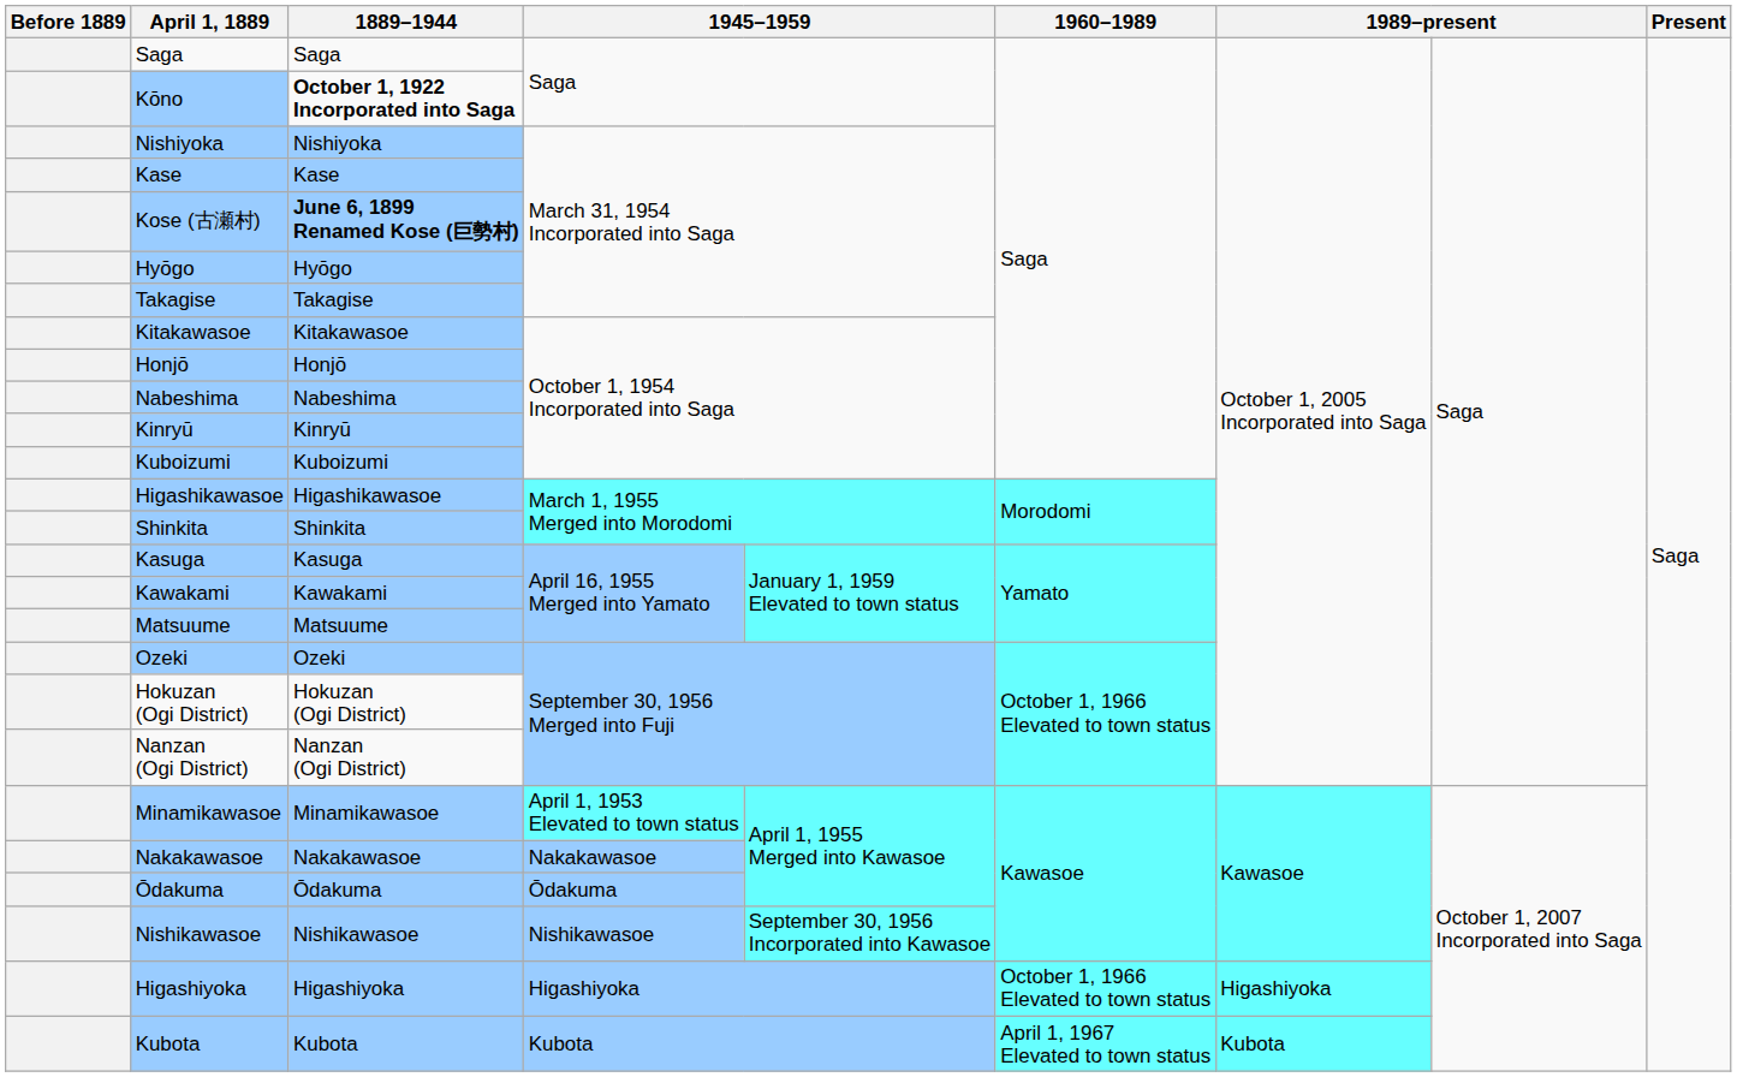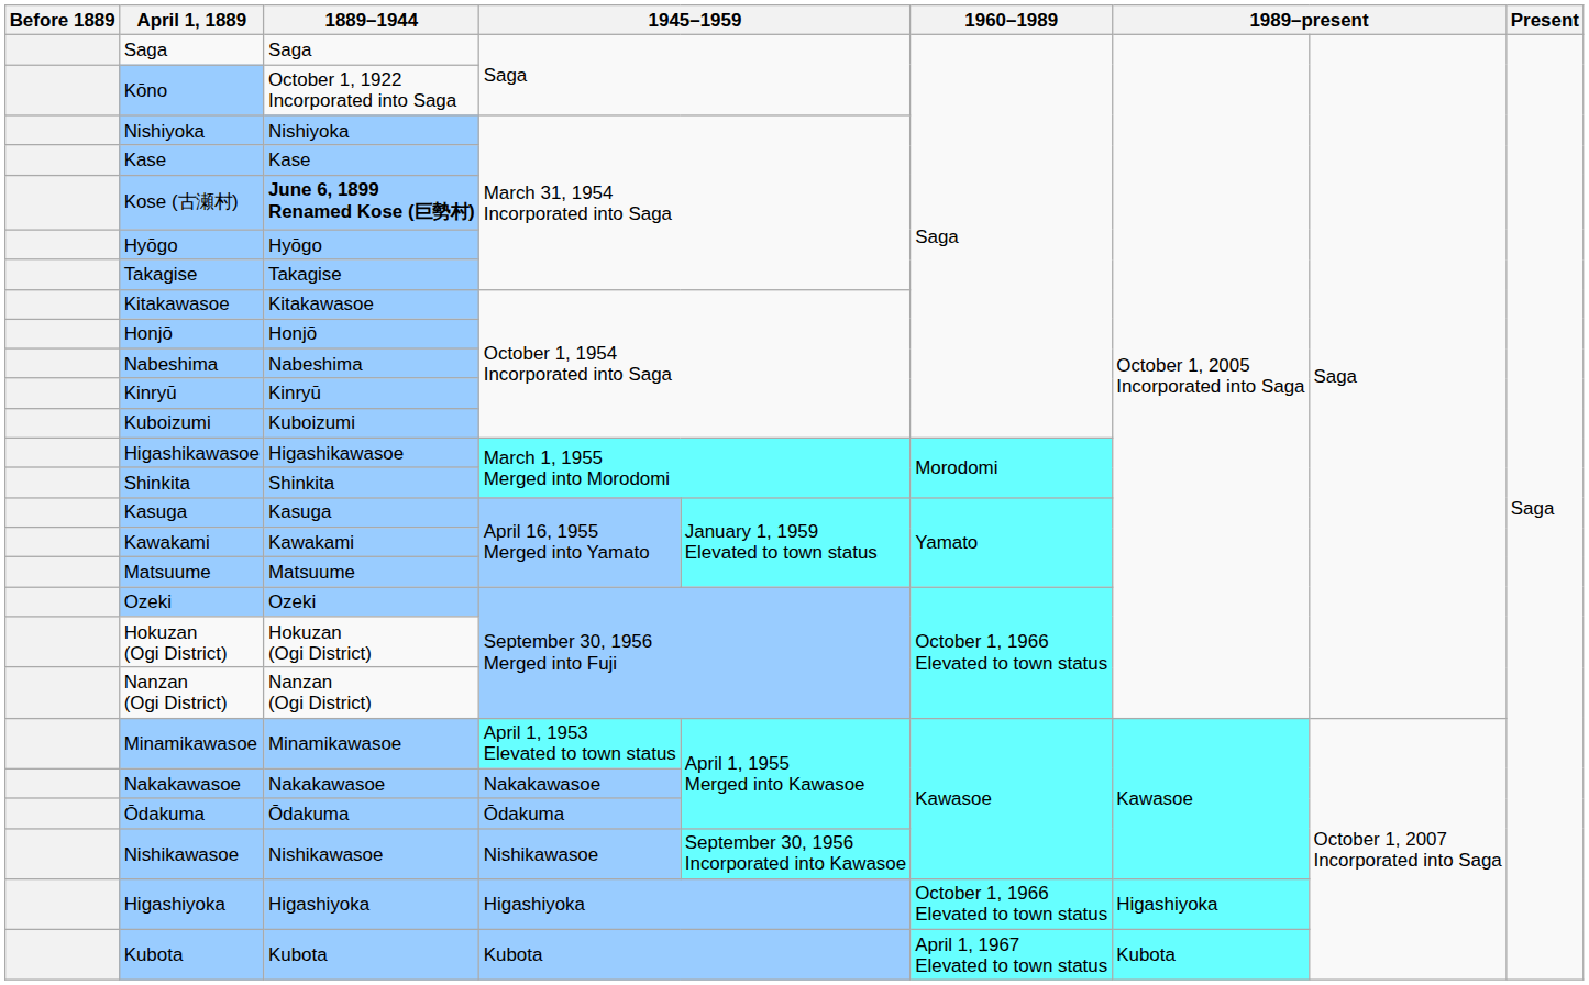 <table class="wikitable" style="font-size:smaller">
 <tr>
 <th>Before 1889</th>
 <th>April 1, 1889</th>
 <th>1889–1944</th>
 <th colspan=2>1945–1959</th>
 <th>1960–1989</th>
 <th colspan=2>1989–present</th>
 <th>Present</th>
 </tr>
 <tr>
 <th></th>
 <td>Saga</td>
 <td>Saga</td>
 <td rowspan=2 colspan=2>Saga</td>
 <td rowspan=12>Saga</td>
 <td rowspan=20>October 1, 2005<br>Incorporated into Saga</td>
 <td rowspan=20>Saga</td>
 <td rowspan=26>Saga</td>
 </tr>
 <tr>
 <th></th>
 <td bgcolor="#99CCFF">Kōno</td>
-<td><strong>October 1, 1922<br>Incorporated into Saga</strong></td>
+<td>October 1, 1922<br>Incorporated into Saga</td>
 </tr>
 <tr>
 <th></th>
 <td bgcolor="#99CCFF">Nishiyoka</td>
 <td bgcolor="#99CCFF">Nishiyoka</td>
 <td rowspan=5 colspan=2>March 31, 1954<br>Incorporated into Saga</td>
 </tr>
 <tr>
 <th></th>
 <td bgcolor="#99CCFF">Kase</td>
 <td bgcolor="#99CCFF">Kase</td>
 </tr>
 <tr>
 <th></th>
 <td bgcolor="#99CCFF">Kose (古瀬村)</td>
 <td bgcolor="#99CCFF"><strong>June 6, 1899<br>Renamed Kose (巨勢村)</strong></td>
 </tr>
 <tr>
 <th></th>
 <td bgcolor="#99CCFF">Hyōgo</td>
 <td bgcolor="#99CCFF">Hyōgo</td>
 </tr>
 <tr>
 <th></th>
 <td bgcolor="#99CCFF">Takagise</td>
 <td bgcolor="#99CCFF">Takagise</td>
 </tr>
 <tr>
 <th></th>
 <td bgcolor="#99CCFF">Kitakawasoe</td>
 <td bgcolor="#99CCFF">Kitakawasoe</td>
 <td rowspan=5 colspan=2>October 1, 1954<br>Incorporated into Saga</td>
 </tr>
 <tr>
 <th></th>
 <td bgcolor="#99CCFF">Honjō</td>
 <td bgcolor="#99CCFF">Honjō</td>
 </tr>
 <tr>
 <th></th>
 <td bgcolor="#99CCFF">Nabeshima</td>
 <td bgcolor="#99CCFF">Nabeshima</td>
 </tr>
 <tr>
 <th></th>
 <td bgcolor="#99CCFF">Kinryū</td>
 <td bgcolor="#99CCFF">Kinryū</td>
 </tr>
 <tr>
 <th></th>
 <td bgcolor="#99CCFF">Kuboizumi</td>
 <td bgcolor="#99CCFF">Kuboizumi</td>
 </tr>
 <tr>
 <th></th>
 <td bgcolor="#99CCFF">Higashikawasoe</td>
 <td bgcolor="#99CCFF">Higashikawasoe</td>
 <td rowspan=2 colspan=2 bgcolor="#66FFFF">March 1, 1955<br>Merged into Morodomi</td>
 <td rowspan=2 bgcolor="#66FFFF">Morodomi</td>
 </tr>
 <tr>
 <th></th>
 <td bgcolor="#99CCFF">Shinkita</td>
 <td bgcolor="#99CCFF">Shinkita</td>
 </tr>
 <tr>
 <th></th>
 <td bgcolor="#99CCFF">Kasuga</td>
 <td bgcolor="#99CCFF">Kasuga</td>
 <td rowspan=3 bgcolor="#99CCFF">April 16, 1955<br>Merged into Yamato</td>
 <td rowspan=3 bgcolor="#66FFFF">January 1, 1959<br>Elevated to town status</td>
 <td rowspan=3 bgcolor="#66FFFF">Yamato</td>
 </tr>
 <tr>
 <th></th>
 <td bgcolor="#99CCFF">Kawakami</td>
 <td bgcolor="#99CCFF">Kawakami</td>
 </tr>
 <tr>
 <th></th>
 <td bgcolor="#99CCFF">Matsuume</td>
 <td bgcolor="#99CCFF">Matsuume</td>
 </tr>
 <tr>
 <th></th>
 <td bgcolor="#99CCFF">Ozeki</td>
 <td bgcolor="#99CCFF">Ozeki</td>
 <td rowspan=3 colspan=2 bgcolor="#99CCFF">September 30, 1956<br>Merged into Fuji</td>
 <td rowspan=3 bgcolor="#66FFFF">October 1, 1966<br>Elevated to town status</td>
 </tr>
 <tr>
 <th></th>
 <td>Hokuzan<br>(Ogi District)</td>
 <td>Hokuzan<br>(Ogi District)</td>
 </tr>
 <tr>
 <th></th>
 <td>Nanzan<br>(Ogi District)</td>
 <td>Nanzan<br>(Ogi District)</td>
 </tr>
 <tr>
 <th></th>
 <td bgcolor="#99CCFF">Minamikawasoe</td>
 <td bgcolor="#99CCFF">Minamikawasoe</td>
 <td bgcolor="#66FFFF">April 1, 1953<br>Elevated to town status</td>
 <td rowspan=3 bgcolor="#66FFFF">April 1, 1955<br>Merged into Kawasoe</td>
 <td rowspan=4 bgcolor="#66FFFF">Kawasoe</td>
 <td rowspan=4 bgcolor="#66FFFF">Kawasoe</td>
 <td rowspan=6>October 1, 2007<br>Incorporated into Saga</td>
 </tr>
 <tr>
 <th></th>
 <td bgcolor="#99CCFF">Nakakawasoe</td>
 <td bgcolor="#99CCFF">Nakakawasoe</td>
 <td bgcolor="#99CCFF">Nakakawasoe</td>
 </tr>
 <tr>
 <th></th>
 <td bgcolor="#99CCFF">Ōdakuma</td>
 <td bgcolor="#99CCFF">Ōdakuma</td>
 <td bgcolor="#99CCFF">Ōdakuma</td>
 </tr>
 <tr>
 <th></th>
 <td bgcolor="#99CCFF">Nishikawasoe</td>
 <td bgcolor="#99CCFF">Nishikawasoe</td>
 <td bgcolor="#99CCFF">Nishikawasoe</td>
 <td bgcolor="#66FFFF">September 30, 1956<br>Incorporated into Kawasoe</td>
 </tr>
 <tr>
 <th></th>
 <td bgcolor="#99CCFF">Higashiyoka</td>
 <td bgcolor="#99CCFF">Higashiyoka</td>
 <td colspan=2 bgcolor="#99CCFF">Higashiyoka</td>
 <td bgcolor="#66FFFF">October 1, 1966<br>Elevated to town status</td>
 <td bgcolor="#66FFFF">Higashiyoka</td>
 </tr>
 <tr>
 <th></th>
 <td bgcolor="#99CCFF">Kubota</td>
 <td bgcolor="#99CCFF">Kubota</td>
 <td colspan=2 bgcolor="#99CCFF">Kubota</td>
 <td bgcolor="#66FFFF">April 1, 1967<br>Elevated to town status</td>
 <td bgcolor="#66FFFF">Kubota</td>
 </tr>
 </table>
